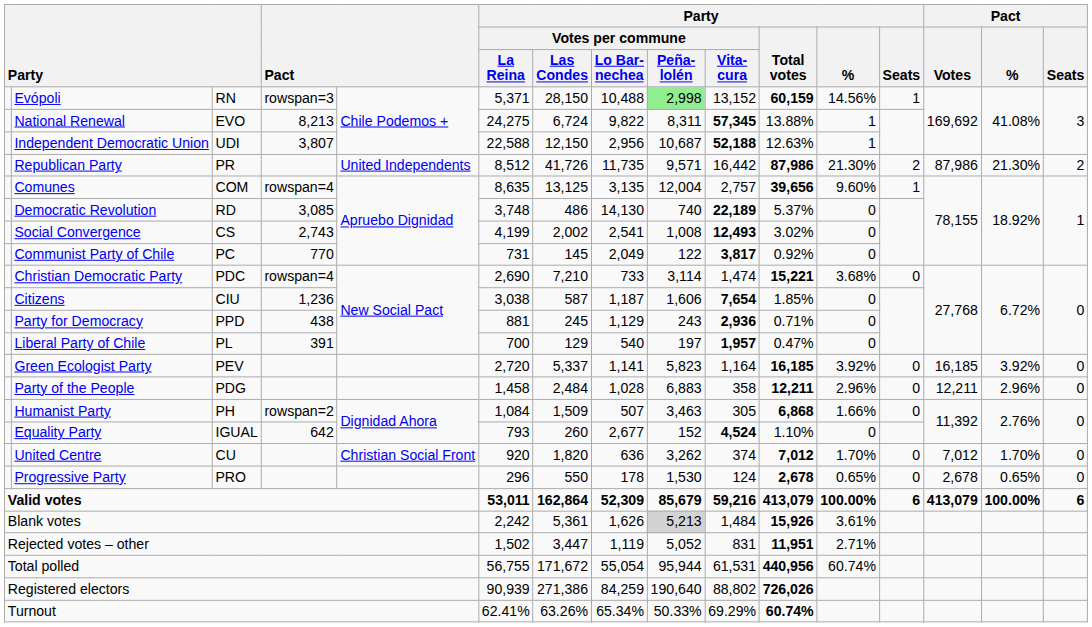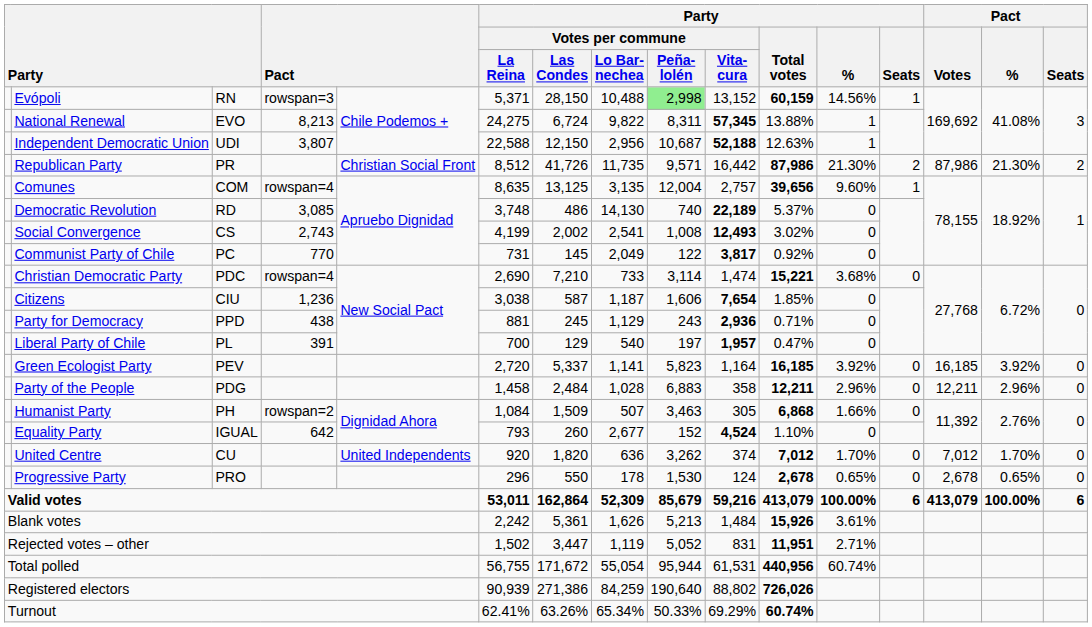 <table class="wikitable" border="1" style="font-size:90%; text-align:right; white-space: nowrap;">
 <tr>
 <th style="text-align:left;" valign=bottom rowspan=3 colspan=3>Party</th>
 <th style="text-align:left;" valign=bottom rowspan=3 colspan=2>Pact</th>
 <th colspan=8>Party</th>
 <th colspan=3>Pact</th>
 </tr>
 <tr>
 <th colspan=5>Votes per commune</th>
 <th align=center valign=bottom rowspan=2 width="40">Total<br>votes</th>
 <th align=center valign=bottom rowspan=2 width="40">%</th>
 <th align=center valign=bottom rowspan=2>Seats</th>
 <th align=center valign=bottom rowspan=2 width="40">Votes</th>
 <th align=center valign=bottom rowspan=2 width="40">%</th>
 <th align=center valign=bottom rowspan=2>Seats</th>
 </tr>
 <tr>
 <th align=center valign=bottom width="40"><a href='#'>La<br>Reina</a></th>
 <th align=center valign=bottom width="40"><a href='#'>Las<br>Condes</a></th>
 <th align=center valign=bottom width="40"><a href='#'>Lo Bar-<br>nechea</a></th>
 <th align=center valign=bottom width="40"><a href='#'>Peña-<br>lolén</a></th>
 <th align=center valign=bottom width="40"><a href='#'>Vita-<br>cura</a></th>
 </tr>
 <tr>
 <td></td>
 <td align=left><a href='#'>Evópoli</a></td>
 <td align=left>RN</td>
 <td>rowspan=3 </td>
 <td rowspan=3 align=left><a href='#'>Chile Podemos +</a></td>
 <td>5,371</td>
 <td>28,150</td>
 <td>10,488</td>
 <td style="background: lightgreen;">2,998</td>
 <td>13,152</td>
 <td><strong>60,159</strong></td>
 <td>14.56%</td>
 <td>1</td>
 <td rowspan=3>169,692</td>
 <td rowspan=3>41.08%</td>
 <td rowspan=3>3</td>
 </tr>
 <tr>
 <td></td>
 <td align=left><a href='#'>National Renewal</a></td>
 <td align=left>EVO</td>
 <td>8,213</td>
 <td>24,275</td>
 <td>6,724</td>
 <td>9,822</td>
 <td>8,311</td>
 <td><strong>57,345</strong></td>
 <td>13.88%</td>
 <td>1</td>
 </tr>
 <tr>
 <td></td>
 <td align=left><a href='#'>Independent Democratic Union</a></td>
 <td align=left>UDI</td>
 <td>3,807</td>
 <td>22,588</td>
 <td>12,150</td>
 <td>2,956</td>
 <td>10,687</td>
 <td><strong>52,188</strong></td>
 <td>12.63%</td>
 <td>1</td>
 </tr>
 <tr>
 <td></td>
 <td align=left><a href='#'>Republican Party</a></td>
 <td align=left>PR</td>
 <td></td>
-<td align=left><a href='#'>United Independents</a></td>
+<td align=left><a href='#'>Christian Social Front</a></td>
 <td>8,512</td>
 <td>41,726</td>
 <td>11,735</td>
 <td>9,571</td>
 <td>16,442</td>
 <td><strong>87,986</strong></td>
 <td>21.30%</td>
 <td>2</td>
 <td>87,986</td>
 <td>21.30%</td>
 <td>2</td>
 </tr>
 <tr>
 <td></td>
 <td align=left><a href='#'>Comunes</a></td>
 <td align=left>COM</td>
 <td>rowspan=4 </td>
 <td rowspan=4 align=left><a href='#'>Apruebo Dignidad</a></td>
 <td>8,635</td>
 <td>13,125</td>
 <td>3,135</td>
 <td>12,004</td>
 <td>2,757</td>
 <td><strong>39,656</strong></td>
 <td>9.60%</td>
 <td>1</td>
 <td rowspan=4>78,155</td>
 <td rowspan=4>18.92%</td>
 <td rowspan=4>1</td>
 </tr>
 <tr>
 <td></td>
 <td align=left><a href='#'>Democratic Revolution</a></td>
 <td align=left>RD</td>
 <td>3,085</td>
 <td>3,748</td>
 <td>486</td>
 <td>14,130</td>
 <td>740</td>
 <td><strong>22,189</strong></td>
 <td>5.37%</td>
 <td>0</td>
 </tr>
 <tr>
 <td></td>
 <td align=left><a href='#'>Social Convergence</a></td>
 <td align=left>CS</td>
 <td>2,743</td>
 <td>4,199</td>
 <td>2,002</td>
 <td>2,541</td>
 <td>1,008</td>
 <td><strong>12,493</strong></td>
 <td>3.02%</td>
 <td>0</td>
 </tr>
 <tr>
 <td></td>
 <td align=left><a href='#'>Communist Party of Chile</a></td>
 <td align=left>PC</td>
 <td>770</td>
 <td>731</td>
 <td>145</td>
 <td>2,049</td>
 <td>122</td>
 <td><strong>3,817</strong></td>
 <td>0.92%</td>
 <td>0</td>
 </tr>
 <tr>
 <td></td>
 <td align=left><a href='#'>Christian Democratic Party</a></td>
 <td align=left>PDC</td>
 <td>rowspan=4 </td>
 <td rowspan=4 align=left><a href='#'>New Social Pact</a></td>
 <td>2,690</td>
 <td>7,210</td>
 <td>733</td>
 <td>3,114</td>
 <td>1,474</td>
 <td><strong>15,221</strong></td>
 <td>3.68%</td>
 <td>0</td>
 <td rowspan=4>27,768</td>
 <td rowspan=4>6.72%</td>
 <td rowspan=4>0</td>
 </tr>
 <tr>
 <td></td>
 <td align=left><a href='#'>Citizens</a></td>
 <td align=left>CIU</td>
 <td>1,236</td>
 <td>3,038</td>
 <td>587</td>
 <td>1,187</td>
 <td>1,606</td>
 <td><strong>7,654</strong></td>
 <td>1.85%</td>
 <td>0</td>
 </tr>
 <tr>
 <td></td>
 <td align=left><a href='#'>Party for Democracy</a></td>
 <td align=left>PPD</td>
 <td>438</td>
 <td>881</td>
 <td>245</td>
 <td>1,129</td>
 <td>243</td>
 <td><strong>2,936</strong></td>
 <td>0.71%</td>
 <td>0</td>
 </tr>
 <tr>
 <td></td>
 <td align=left><a href='#'>Liberal Party of Chile</a></td>
 <td align=left>PL</td>
 <td>391</td>
 <td>700</td>
 <td>129</td>
 <td>540</td>
 <td>197</td>
 <td><strong>1,957</strong></td>
 <td>0.47%</td>
 <td>0</td>
 </tr>
 <tr>
 <td></td>
 <td align=left><a href='#'>Green Ecologist Party</a></td>
 <td align=left>PEV</td>
 <td></td>
 <td></td>
 <td>2,720</td>
 <td>5,337</td>
 <td>1,141</td>
 <td>5,823</td>
 <td>1,164</td>
 <td><strong>16,185</strong></td>
 <td>3.92%</td>
 <td>0</td>
 <td>16,185</td>
 <td>3.92%</td>
 <td>0</td>
 </tr>
 <tr>
 <td></td>
 <td align=left><a href='#'>Party of the People</a></td>
 <td align=left>PDG</td>
 <td></td>
 <td></td>
 <td>1,458</td>
 <td>2,484</td>
 <td>1,028</td>
 <td>6,883</td>
 <td>358</td>
 <td><strong>12,211</strong></td>
 <td>2.96%</td>
 <td>0</td>
 <td>12,211</td>
 <td>2.96%</td>
 <td>0</td>
 </tr>
 <tr>
 <td></td>
 <td align=left><a href='#'>Humanist Party</a></td>
 <td align=left>PH</td>
 <td>rowspan=2 </td>
 <td rowspan=2 align=left><a href='#'>Dignidad Ahora</a></td>
 <td>1,084</td>
 <td>1,509</td>
 <td>507</td>
 <td>3,463</td>
 <td>305</td>
 <td><strong>6,868</strong></td>
 <td>1.66%</td>
 <td>0</td>
 <td rowspan=2>11,392</td>
 <td rowspan=2>2.76%</td>
 <td rowspan=2>0</td>
 </tr>
 <tr>
 <td></td>
 <td align=left><a href='#'>Equality Party</a></td>
 <td align=left>IGUAL</td>
 <td>642</td>
 <td>793</td>
 <td>260</td>
 <td>2,677</td>
 <td>152</td>
 <td><strong>4,524</strong></td>
 <td>1.10%</td>
 <td>0</td>
 </tr>
 <tr>
 <td></td>
 <td align=left><a href='#'>United Centre</a></td>
 <td align=left>CU</td>
 <td></td>
-<td align=left><a href='#'>Christian Social Front</a></td>
+<td align=left><a href='#'>United Independents</a></td>
 <td>920</td>
 <td>1,820</td>
 <td>636</td>
 <td>3,262</td>
 <td>374</td>
 <td><strong>7,012</strong></td>
 <td>1.70%</td>
 <td>0</td>
 <td>7,012</td>
 <td>1.70%</td>
 <td>0</td>
 </tr>
 <tr>
 <td></td>
 <td align=left><a href='#'>Progressive Party</a></td>
 <td align=left>PRO</td>
 <td></td>
 <td></td>
 <td>296</td>
 <td>550</td>
 <td>178</td>
 <td>1,530</td>
 <td>124</td>
 <td><strong>2,678</strong></td>
 <td>0.65%</td>
 <td>0</td>
 <td>2,678</td>
 <td>0.65%</td>
 <td>0</td>
 </tr>
 <tr style="font-weight:bold">
 <td align=left colspan=5>Valid votes</td>
 <td>53,011</td>
 <td>162,864</td>
 <td>52,309</td>
 <td>85,679</td>
 <td>59,216</td>
 <td>413,079</td>
 <td>100.00%</td>
 <td>6</td>
 <td>413,079</td>
 <td>100.00%</td>
 <td>6</td>
 </tr>
 <tr>
 <td align=left colspan=5>Blank votes</td>
 <td>2,242</td>
 <td>5,361</td>
 <td>1,626</td>
-<td style="background: lightgrey;">5,213</td>
+<td>5,213</td>
 <td>1,484</td>
 <td><strong>15,926</strong></td>
 <td>3.61%</td>
 <td></td>
 <td></td>
 <td></td>
 <td></td>
 </tr>
 <tr>
 <td align=left colspan=5>Rejected votes – other</td>
 <td>1,502</td>
 <td>3,447</td>
 <td>1,119</td>
 <td>5,052</td>
 <td>831</td>
 <td><strong>11,951</strong></td>
 <td>2.71%</td>
 <td></td>
 <td></td>
 <td></td>
 <td></td>
 </tr>
 <tr>
 <td align=left colspan=5>Total polled</td>
 <td>56,755</td>
 <td>171,672</td>
 <td>55,054</td>
 <td>95,944</td>
 <td>61,531</td>
 <td><strong>440,956</strong></td>
 <td>60.74%</td>
 <td></td>
 <td></td>
 <td></td>
 <td></td>
 </tr>
 <tr>
 <td align=left colspan=5>Registered electors</td>
 <td>90,939</td>
 <td>271,386</td>
 <td>84,259</td>
 <td>190,640</td>
 <td>88,802</td>
 <td><strong>726,026</strong></td>
 <td></td>
 <td></td>
 <td></td>
 <td></td>
 <td></td>
 </tr>
 <tr>
 <td align=left colspan=5>Turnout</td>
 <td>62.41%</td>
 <td>63.26%</td>
 <td>65.34%</td>
 <td>50.33%</td>
 <td>69.29%</td>
 <td><strong>60.74%</strong></td>
 <td></td>
 <td></td>
 <td></td>
 <td></td>
 <td></td>
 </tr>
 </table>
